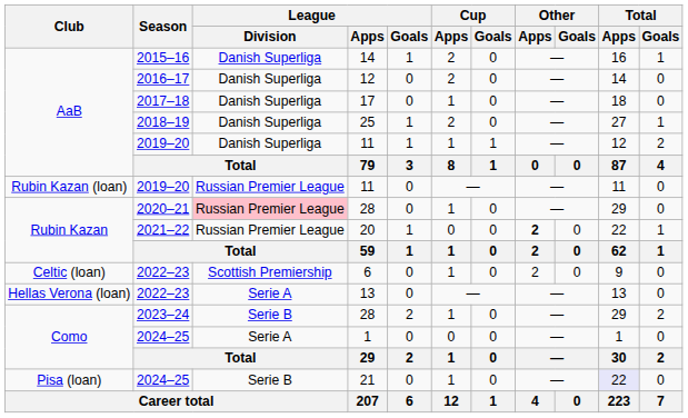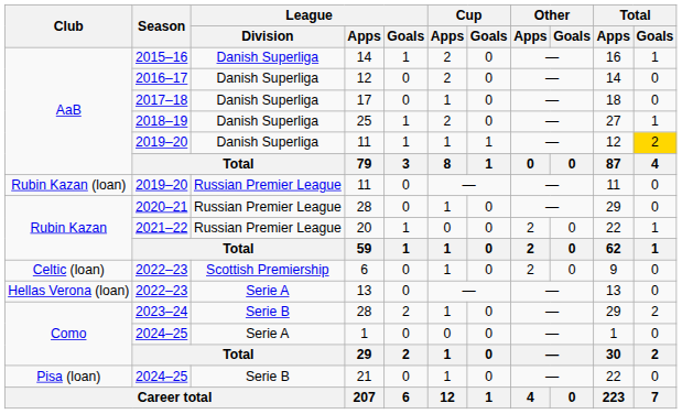 <table class="wikitable" style="text-align:center">
 <tr>
 <th rowspan="2">Club</th>
 <th rowspan="2">Season</th>
 <th colspan="3">League</th>
 <th colspan="2">Cup</th>
 <th colspan="2">Other</th>
 <th colspan="2">Total</th>
 </tr>
 <tr>
 <th>Division</th>
 <th>Apps</th>
 <th>Goals</th>
 <th>Apps</th>
 <th>Goals</th>
 <th>Apps</th>
 <th>Goals</th>
 <th>Apps</th>
 <th>Goals</th>
 </tr>
 <tr>
 <td rowspan="6"><a href='#'>AaB</a></td>
 <td><a href='#'>2015–16</a></td>
 <td><a href='#'>Danish Superliga</a></td>
 <td>14</td>
 <td>1</td>
 <td>2</td>
 <td>0</td>
 <td colspan="2">—</td>
 <td>16</td>
 <td>1</td>
 </tr>
 <tr>
 <td><a href='#'>2016–17</a></td>
 <td>Danish Superliga</td>
 <td>12</td>
 <td>0</td>
 <td>2</td>
 <td>0</td>
 <td colspan="2">—</td>
 <td>14</td>
 <td>0</td>
 </tr>
 <tr>
 <td><a href='#'>2017–18</a></td>
 <td>Danish Superliga</td>
 <td>17</td>
 <td>0</td>
 <td>1</td>
 <td>0</td>
 <td colspan="2">—</td>
 <td>18</td>
 <td>0</td>
 </tr>
 <tr>
 <td><a href='#'>2018–19</a></td>
 <td>Danish Superliga</td>
 <td>25</td>
 <td>1</td>
 <td>2</td>
 <td>0</td>
 <td colspan="2">—</td>
 <td>27</td>
 <td>1</td>
 </tr>
 <tr>
 <td><a href='#'>2019–20</a></td>
 <td>Danish Superliga</td>
 <td>11</td>
 <td>1</td>
 <td>1</td>
 <td>1</td>
 <td colspan="2">—</td>
 <td>12</td>
-<td>2</td>
+<td style="background: gold;">2</td>
 </tr>
 <tr>
 <th colspan="2">Total</th>
 <th>79</th>
 <th>3</th>
 <th>8</th>
 <th>1</th>
 <th>0</th>
 <th>0</th>
 <th>87</th>
 <th>4</th>
 </tr>
 <tr>
 <td rowspan="1"><a href='#'>Rubin Kazan</a> (loan)</td>
 <td><a href='#'>2019–20</a></td>
 <td><a href='#'>Russian Premier League</a></td>
 <td>11</td>
 <td>0</td>
 <td colspan="2">—</td>
 <td colspan="2">—</td>
 <td>11</td>
 <td>0</td>
 </tr>
 <tr>
 <td rowspan="3"><a href='#'>Rubin Kazan</a></td>
 <td><a href='#'>2020–21</a></td>
-<td style="background: pink;">Russian Premier League</td>
+<td>Russian Premier League</td>
 <td>28</td>
 <td>0</td>
 <td>1</td>
 <td>0</td>
 <td colspan="2">—</td>
 <td>29</td>
 <td>0</td>
 </tr>
 <tr>
 <td><a href='#'>2021–22</a></td>
 <td>Russian Premier League</td>
 <td>20</td>
 <td>1</td>
 <td>0</td>
 <td>0</td>
-<td><strong>2</strong></td>
+<td>2</td>
 <td>0</td>
 <td>22</td>
 <td>1</td>
 </tr>
 <tr>
 <th colspan="2">Total</th>
 <th>59</th>
 <th>1</th>
 <th>1</th>
 <th>0</th>
 <th>2</th>
 <th>0</th>
 <th>62</th>
 <th>1</th>
 </tr>
 <tr>
 <td><a href='#'>Celtic</a> (loan)</td>
 <td><a href='#'>2022–23</a></td>
 <td><a href='#'>Scottish Premiership</a></td>
 <td>6</td>
 <td>0</td>
 <td>1</td>
 <td>0</td>
 <td>2</td>
 <td>0</td>
 <td>9</td>
 <td>0</td>
 </tr>
 <tr>
 <td><a href='#'>Hellas Verona</a> (loan)</td>
 <td><a href='#'>2022–23</a></td>
 <td><a href='#'>Serie A</a></td>
 <td>13</td>
 <td>0</td>
 <td colspan="2">—</td>
 <td colspan="2">—</td>
 <td>13</td>
 <td>0</td>
 </tr>
 <tr>
 <td rowspan="3"><a href='#'>Como</a></td>
 <td><a href='#'>2023–24</a></td>
 <td><a href='#'>Serie B</a></td>
 <td>28</td>
 <td>2</td>
 <td>1</td>
 <td>0</td>
 <td colspan="2">—</td>
 <td>29</td>
 <td>2</td>
 </tr>
 <tr>
 <td><a href='#'>2024–25</a></td>
 <td>Serie A</td>
 <td>1</td>
 <td>0</td>
 <td>0</td>
 <td>0</td>
 <td colspan="2">—</td>
 <td>1</td>
 <td>0</td>
 </tr>
 <tr>
 <th colspan="2">Total</th>
 <th>29</th>
 <th>2</th>
 <th>1</th>
 <th>0</th>
 <th colspan="2">—</th>
 <th>30</th>
 <th>2</th>
 </tr>
 <tr>
 <td><a href='#'>Pisa</a> (loan)</td>
 <td><a href='#'>2024–25</a></td>
 <td>Serie B</td>
 <td>21</td>
 <td>0</td>
 <td>1</td>
 <td>0</td>
 <td colspan="2">—</td>
-<td style="background: lavender;">22</td>
+<td>22</td>
 <td>0</td>
 </tr>
 <tr>
 <th colspan="3">Career total</th>
 <th>207</th>
 <th>6</th>
 <th>12</th>
 <th>1</th>
 <th>4</th>
 <th>0</th>
 <th>223</th>
 <th>7</th>
 </tr>
 </table>
